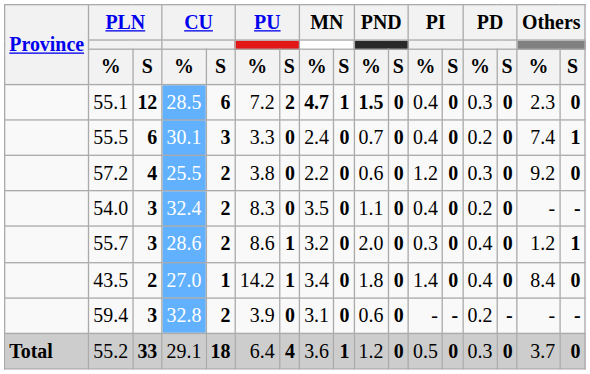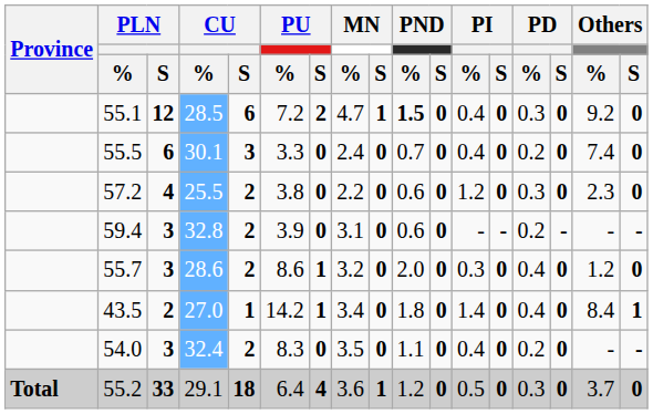 <table class="wikitable sortable" style="text-align:right; font-size:95%; line-height:20px;">
 <tr>
 <th rowspan="3"><a href='#'>Province</a></th>
 <th colspan="2" width="30px"><a href='#'>PLN</a></th>
 <th colspan="2" width="30px"><a href='#'>CU</a></th>
 <th colspan="2" width="30px"><a href='#'>PU</a></th>
 <th colspan="2" width="30px">MN</th>
 <th colspan="2" width="30px">PND</th>
 <th colspan="2" width="30px">PI</th>
 <th colspan="2" width="30px">PD</th>
 <th colspan="2" width="30px">Others</th>
 </tr>
 <tr>
 <th colspan="2" style="background:"></th>
 <th colspan="2" style="background:"></th>
 <th colspan="2" style="background:#e31717"></th>
 <th colspan="2" style="background:#FFF"></th>
 <th colspan="2" style="background:#292929"></th>
 <th colspan="2" style="background:"></th>
 <th colspan="2" style="background:"></th>
 <th colspan="2" style="background:grey"></th>
 </tr>
 <tr>
 <th data-sort-type="number">%</th>
 <th data-sort-type="number">S</th>
 <th data-sort-type="number">%</th>
 <th data-sort-type="number">S</th>
 <th data-sort-type="number">%</th>
 <th data-sort-type="number">S</th>
 <th data-sort-type="number">%</th>
 <th data-sort-type="number">S</th>
 <th data-sort-type="number">%</th>
 <th data-sort-type="number">S</th>
 <th data-sort-type="number">%</th>
 <th data-sort-type="number">S</th>
 <th data-sort-type="number">%</th>
 <th data-sort-type="number">S</th>
 <th data-sort-type="number">%</th>
 <th data-sort-type="number">S</th>
 </tr>
 <tr>
 <td align="left"></td>
 <td style="background:">55.1</td>
 <td><strong>12</strong></td>
 <td style="background:#61b1ff; color:white;">28.5</td>
 <td><strong>6</strong></td>
 <td>7.2</td>
 <td><strong>2</strong></td>
-<td><strong>4.7</strong></td>
+<td>4.7</td>
 <td><strong>1</strong></td>
 <td><strong>1.5</strong></td>
 <td><strong>0</strong></td>
 <td>0.4</td>
 <td><strong>0</strong></td>
 <td>0.3</td>
 <td><strong>0</strong></td>
-<td>2.3</td>
+<td>9.2</td>
 <td><strong>0</strong></td>
 </tr>
 <tr>
 <td align="left"></td>
 <td style="background:">55.5</td>
 <td><strong>6</strong></td>
 <td style="background:#61b1ff; color:white;">30.1</td>
 <td><strong>3</strong></td>
 <td>3.3</td>
 <td><strong>0</strong></td>
 <td>2.4</td>
 <td><strong>0</strong></td>
 <td>0.7</td>
 <td><strong>0</strong></td>
 <td>0.4</td>
 <td><strong>0</strong></td>
 <td>0.2</td>
 <td><strong>0</strong></td>
 <td>7.4</td>
-<td><strong>1</strong></td>
+<td><strong>0</strong></td>
 </tr>
 <tr>
 <td align="left"></td>
 <td style="background:">57.2</td>
 <td><strong>4</strong></td>
 <td style="background:#61b1ff; color:white;">25.5</td>
 <td><strong>2</strong></td>
 <td>3.8</td>
 <td><strong>0</strong></td>
 <td>2.2</td>
 <td><strong>0</strong></td>
 <td>0.6</td>
 <td><strong>0</strong></td>
 <td>1.2</td>
 <td><strong>0</strong></td>
 <td>0.3</td>
 <td><strong>0</strong></td>
-<td>9.2</td>
+<td>2.3</td>
 <td><strong>0</strong></td>
 </tr>
 <tr>
 <td align="left"></td>
-<td style="background:">54.0</td>
+<td style="background:">59.4</td>
 <td><strong>3</strong></td>
-<td style="background:#61b1ff; color:white;">32.4</td>
+<td style="background:#61b1ff; color:white;">32.8</td>
 <td><strong>2</strong></td>
-<td>8.3</td>
+<td>3.9</td>
 <td><strong>0</strong></td>
-<td>3.5</td>
+<td>3.1</td>
 <td><strong>0</strong></td>
-<td>1.1</td>
+<td>0.6</td>
 <td><strong>0</strong></td>
-<td>0.4</td>
-<td><strong>0</strong></td>
+<td>-</td>
+<td><strong>-</strong></td>
 <td>0.2</td>
-<td><strong>0</strong></td>
+<td><strong>-</strong></td>
 <td>-</td>
 <td><strong>-</strong></td>
 </tr>
 <tr>
 <td align="left"></td>
 <td style="background:">55.7</td>
 <td><strong>3</strong></td>
 <td style="background:#61b1ff; color:white;">28.6</td>
 <td><strong>2</strong></td>
 <td>8.6</td>
 <td><strong>1</strong></td>
 <td>3.2</td>
 <td><strong>0</strong></td>
 <td>2.0</td>
 <td><strong>0</strong></td>
 <td>0.3</td>
 <td><strong>0</strong></td>
 <td>0.4</td>
 <td><strong>0</strong></td>
 <td>1.2</td>
-<td><strong>1</strong></td>
+<td><strong>0</strong></td>
 </tr>
 <tr>
 <td align="left"></td>
 <td style="background:">43.5</td>
 <td><strong>2</strong></td>
 <td style="background:#61b1ff; color:white;">27.0</td>
 <td><strong>1</strong></td>
 <td>14.2</td>
 <td><strong>1</strong></td>
 <td>3.4</td>
 <td><strong>0</strong></td>
 <td>1.8</td>
 <td><strong>0</strong></td>
 <td>1.4</td>
 <td><strong>0</strong></td>
 <td>0.4</td>
 <td><strong>0</strong></td>
 <td>8.4</td>
-<td><strong>0</strong></td>
+<td><strong>1</strong></td>
 </tr>
 <tr>
 <td align="left"></td>
-<td style="background:">59.4</td>
+<td style="background:">54.0</td>
 <td><strong>3</strong></td>
-<td style="background:#61b1ff; color:white;">32.8</td>
+<td style="background:#61b1ff; color:white;">32.4</td>
 <td><strong>2</strong></td>
-<td>3.9</td>
+<td>8.3</td>
 <td><strong>0</strong></td>
-<td>3.1</td>
+<td>3.5</td>
 <td><strong>0</strong></td>
-<td>0.6</td>
+<td>1.1</td>
 <td><strong>0</strong></td>
-<td>-</td>
-<td><strong>-</strong></td>
+<td>0.4</td>
+<td><strong>0</strong></td>
 <td>0.2</td>
-<td><strong>-</strong></td>
+<td><strong>0</strong></td>
 <td>-</td>
 <td><strong>-</strong></td>
 </tr>
 <tr style="background:#CDCDCD;">
 <td align="left"><strong>Total</strong></td>
 <td style="background:">55.2</td>
 <td><strong>33</strong></td>
 <td>29.1</td>
 <td><strong>18</strong></td>
 <td>6.4</td>
 <td><strong>4</strong></td>
 <td>3.6</td>
 <td><strong>1</strong></td>
 <td>1.2</td>
 <td><strong>0</strong></td>
 <td>0.5</td>
 <td><strong>0</strong></td>
 <td>0.3</td>
 <td><strong>0</strong></td>
 <td>3.7</td>
 <td><strong>0</strong></td>
 </tr>
 </table>
